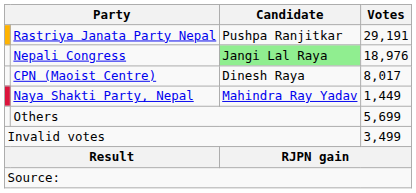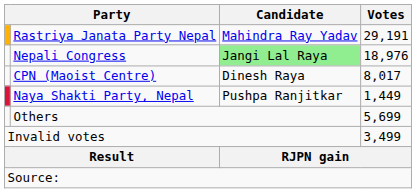 <table class="wikitable">
 <tr>
 <th colspan="2">Party</th>
 <th>Candidate</th>
 <th>Votes</th>
 </tr>
 <tr>
 <td style="background-color:#ffb300"></td>
 <td><a href='#'>Rastriya Janata Party Nepal</a></td>
-<td>Pushpa Ranjitkar</td>
+<td><a href='#'>Mahindra Ray Yadav</a></td>
 <td>29,191</td>
 </tr>
 <tr>
 <td style="background-color:"></td>
 <td><a href='#'>Nepali Congress</a></td>
 <td style="background: lightgreen;">Jangi Lal Raya</td>
 <td>18,976</td>
 </tr>
 <tr>
 <td style="background-color:"></td>
 <td><a href='#'>CPN (Maoist Centre)</a></td>
 <td>Dinesh Raya</td>
 <td>8,017</td>
 </tr>
 <tr>
 <td style="background-color:crimson"></td>
 <td><a href='#'>Naya Shakti Party, Nepal</a></td>
-<td><a href='#'>Mahindra Ray Yadav</a></td>
+<td>Pushpa Ranjitkar</td>
 <td>1,449</td>
 </tr>
 <tr>
 <td></td>
 <td colspan="2">Others</td>
 <td>5,699</td>
 </tr>
 <tr>
 <td colspan="3">Invalid votes</td>
 <td>3,499</td>
 </tr>
 <tr>
 <th colspan="2">Result</th>
 <th colspan="2">RJPN gain</th>
 </tr>
 <tr>
 <td colspan="4">Source: </td>
 </tr>
 </table>
